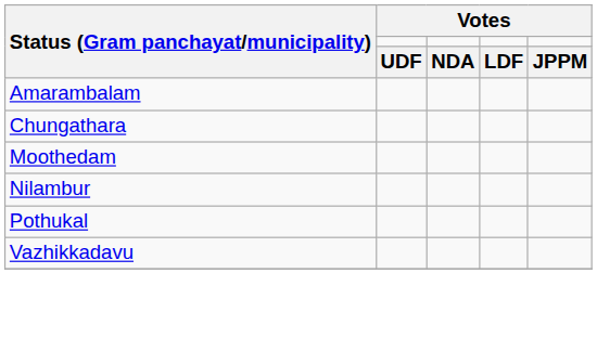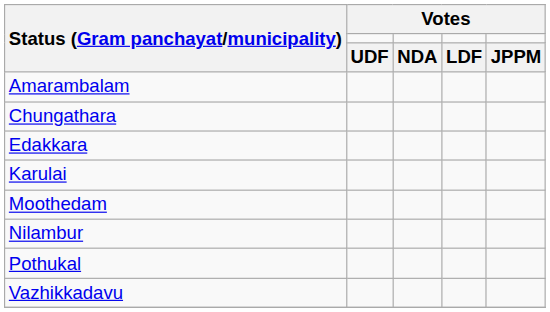 <table class="wikitable">
 <tr>
 <th rowspan="3">Status (<a href='#'>Gram panchayat</a>/<a href='#'>municipality</a>)</th>
 <th colspan="4">Votes</th>
 </tr>
 <tr>
 <td style="background:"></td>
 <td style="background:"></td>
 <td style="background:"></td>
 <td style="background:"></td>
 </tr>
 <tr>
 <th>UDF</th>
 <th>NDA</th>
 <th>LDF</th>
 <th>JPPM</th>
 </tr>
 <tr>
 <td><a href='#'>Amarambalam</a></td>
 <td></td>
 <td></td>
 <td></td>
 <td></td>
 </tr>
 <tr>
 <td><a href='#'>Chungathara</a></td>
+<td></td>
+<td></td>
+<td></td>
+<td></td>
+</tr>
+<tr>
+<td><a href='#'>Edakkara</a></td>
+<td></td>
+<td></td>
+<td></td>
+<td></td>
+</tr>
+<tr>
+<td><a href='#'>Karulai</a></td>
 <td></td>
 <td></td>
 <td></td>
 <td></td>
 </tr>
 <tr>
 <td><a href='#'>Moothedam</a></td>
 <td></td>
 <td></td>
 <td></td>
 <td></td>
 </tr>
 <tr>
 <td><a href='#'>Nilambur</a></td>
 <td></td>
 <td></td>
 <td></td>
 <td></td>
 </tr>
 <tr>
 <td><a href='#'>Pothukal</a></td>
 <td></td>
 <td></td>
 <td></td>
 <td></td>
 </tr>
 <tr>
 <td><a href='#'>Vazhikkadavu</a></td>
 <td></td>
 <td></td>
 <td></td>
 <td></td>
 </tr>
 <tr>
 </tr>
 </table>
